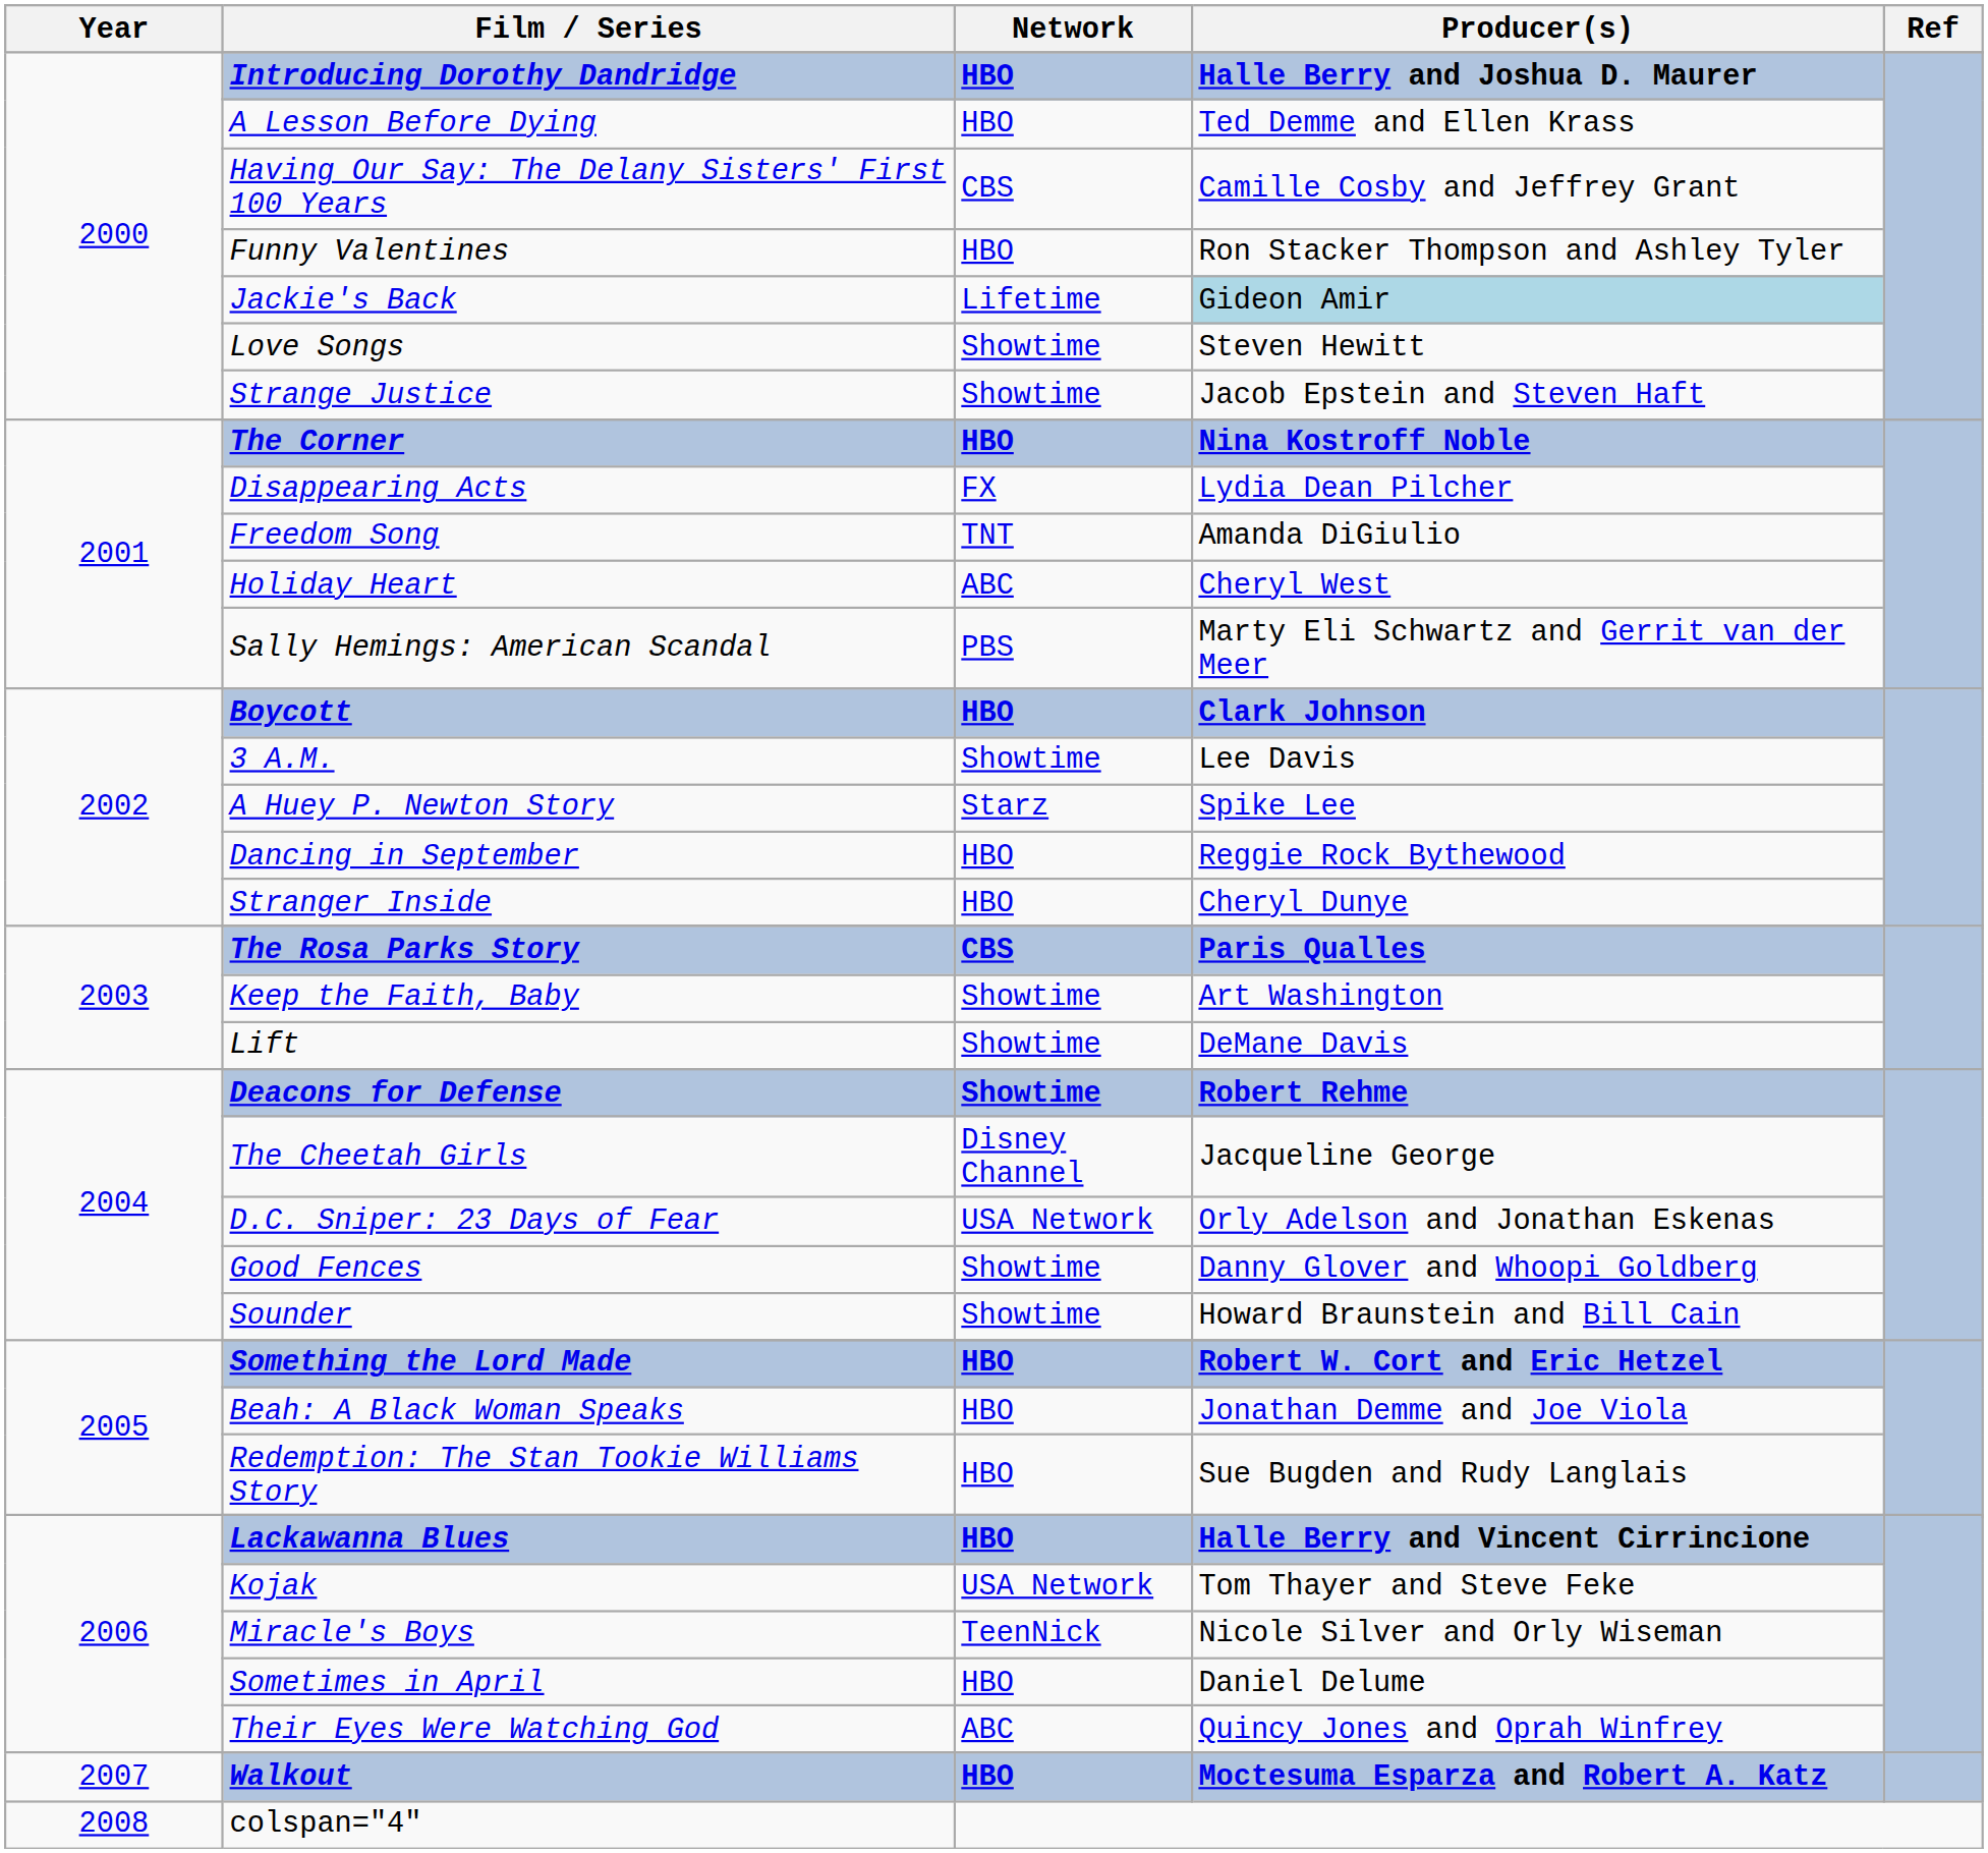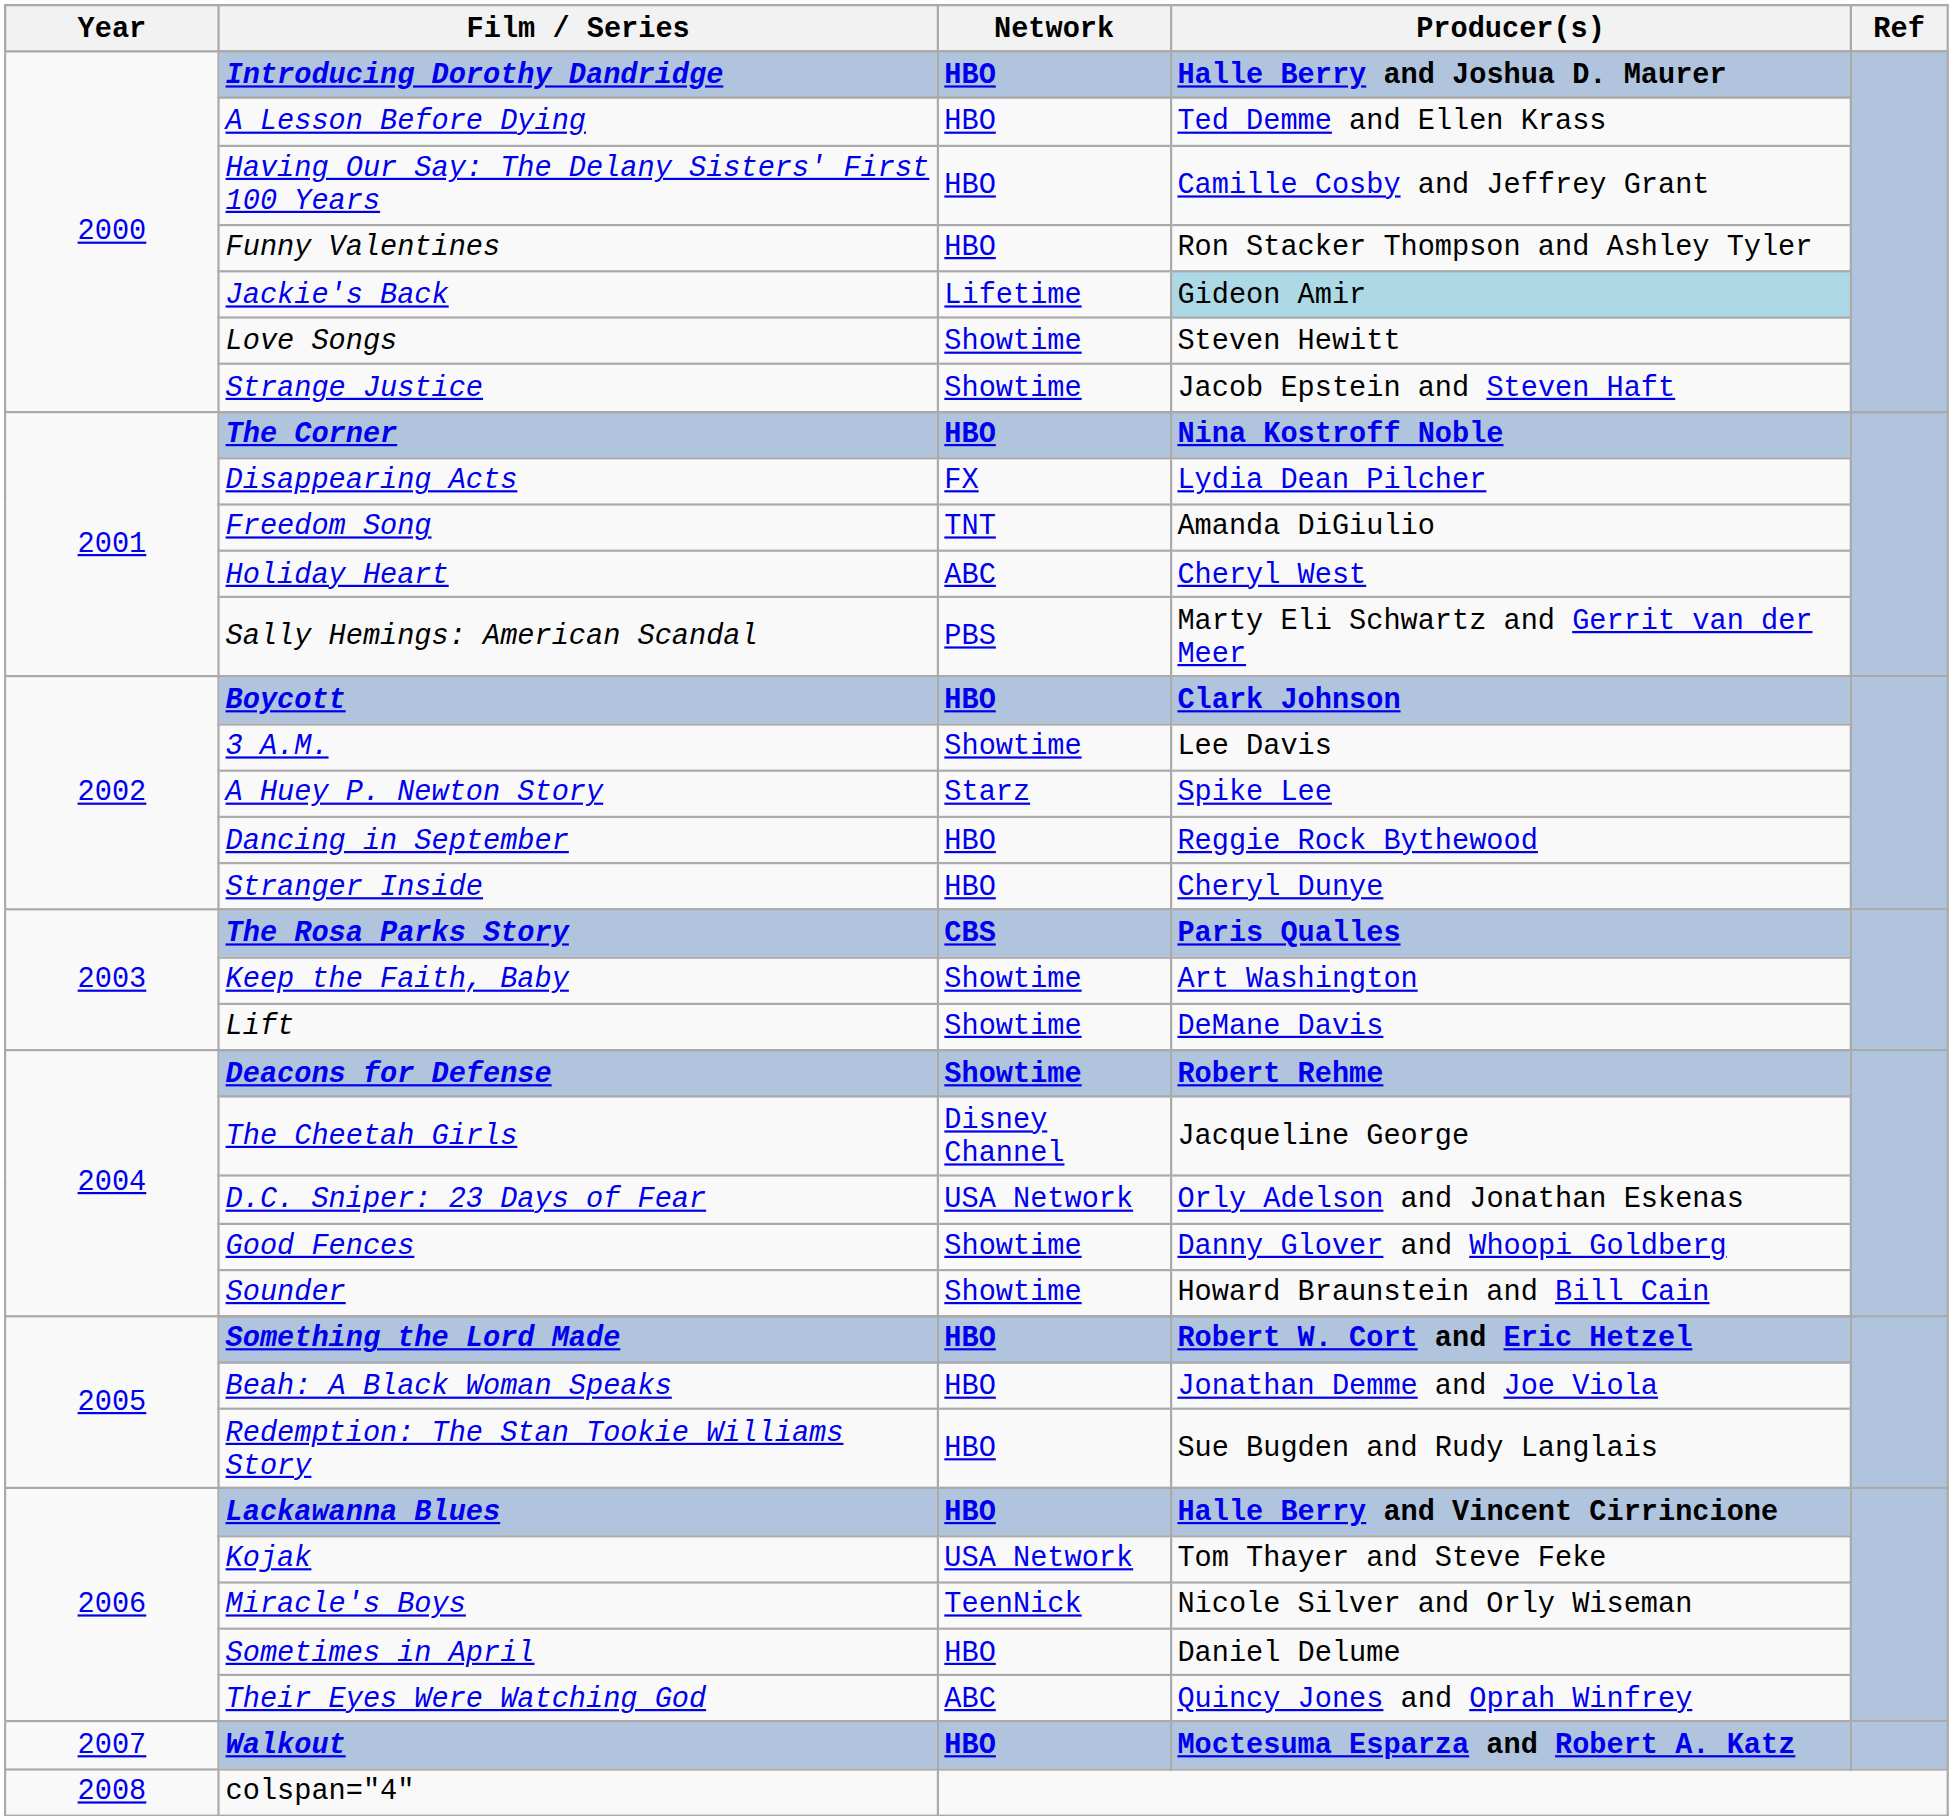 <table class="wikitable" style="width:100%;">
 <tr style="background:#bebebe;">
 <th style="width:11%;">Year</th>
 <th style="width:37%;">Film / Series</th>
 <th style="width:12%;">Network</th>
 <th style="width:35%;">Producer(s)</th>
 <th style="width:5%;">Ref</th>
 </tr>
 <tr>
 <td rowspan="8" align="center"><a href='#'>2000</a></td>
 </tr>
 <tr style="background:#B0C4DE">
 <td><strong><em><a href='#'>Introducing Dorothy Dandridge</a></em></strong></td>
 <td><strong><a href='#'>HBO</a></strong></td>
 <td><strong><a href='#'>Halle Berry</a> and Joshua D. Maurer</strong></td>
 <td rowspan="7" align="center"></td>
 </tr>
 <tr>
 <td><em><a href='#'>A Lesson Before Dying</a></em></td>
 <td><a href='#'>HBO</a></td>
 <td><a href='#'>Ted Demme</a> and Ellen Krass</td>
 </tr>
 <tr>
 <td><em><a href='#'>Having Our Say: The Delany Sisters' First 100 Years</a></em></td>
-<td><a href='#'>CBS</a></td>
+<td><a href='#'>HBO</a></td>
 <td><a href='#'>Camille Cosby</a> and Jeffrey Grant</td>
 </tr>
 <tr>
 <td><em>Funny Valentines</em></td>
 <td><a href='#'>HBO</a></td>
 <td>Ron Stacker Thompson and Ashley Tyler</td>
 </tr>
 <tr>
 <td><em><a href='#'>Jackie's Back</a></em></td>
 <td><a href='#'>Lifetime</a></td>
 <td style="background: lightblue;">Gideon Amir</td>
 </tr>
 <tr>
 <td><em>Love Songs</em></td>
 <td><a href='#'>Showtime</a></td>
 <td>Steven Hewitt</td>
 </tr>
 <tr>
 <td><em><a href='#'>Strange Justice</a></em></td>
 <td><a href='#'>Showtime</a></td>
 <td>Jacob Epstein and <a href='#'>Steven Haft</a></td>
 </tr>
 <tr>
 <td rowspan="6" align="center"><a href='#'>2001</a></td>
 </tr>
 <tr style="background:#B0C4DE">
 <td><strong><em><a href='#'>The Corner</a></em></strong></td>
 <td><strong><a href='#'>HBO</a></strong></td>
 <td><strong><a href='#'>Nina Kostroff Noble</a></strong></td>
 <td rowspan="6" align="center"></td>
 </tr>
 <tr>
 <td><em><a href='#'>Disappearing Acts</a></em></td>
 <td><a href='#'>FX</a></td>
 <td><a href='#'>Lydia Dean Pilcher</a></td>
 </tr>
 <tr>
 <td><em><a href='#'>Freedom Song</a></em></td>
 <td><a href='#'>TNT</a></td>
 <td>Amanda DiGiulio</td>
 </tr>
 <tr>
 <td><em><a href='#'>Holiday Heart</a></em></td>
 <td><a href='#'>ABC</a></td>
 <td><a href='#'>Cheryl West</a></td>
 </tr>
 <tr>
 <td><em>Sally Hemings: American Scandal</em></td>
 <td><a href='#'>PBS</a></td>
 <td>Marty Eli Schwartz and <a href='#'>Gerrit van der Meer</a></td>
 </tr>
 <tr>
 <td rowspan="6" align="center"><a href='#'>2002</a></td>
 </tr>
 <tr style="background:#B0C4DE">
 <td><strong><em><a href='#'>Boycott</a></em></strong></td>
 <td><strong><a href='#'>HBO</a></strong></td>
 <td><strong><a href='#'>Clark Johnson</a></strong></td>
 <td rowspan="6" align="center"></td>
 </tr>
 <tr>
 <td><em><a href='#'>3 A.M.</a></em></td>
 <td><a href='#'>Showtime</a></td>
 <td>Lee Davis</td>
 </tr>
 <tr>
 <td><em><a href='#'>A Huey P. Newton Story</a></em></td>
 <td><a href='#'>Starz</a></td>
 <td><a href='#'>Spike Lee</a></td>
 </tr>
 <tr>
 <td><em><a href='#'>Dancing in September</a></em></td>
 <td><a href='#'>HBO</a></td>
 <td><a href='#'>Reggie Rock Bythewood</a></td>
 </tr>
 <tr>
 <td><em><a href='#'>Stranger Inside</a></em></td>
 <td><a href='#'>HBO</a></td>
 <td><a href='#'>Cheryl Dunye</a></td>
 </tr>
 <tr>
 <td rowspan="4" align="center"><a href='#'>2003</a></td>
 </tr>
 <tr style="background:#B0C4DE">
 <td><strong><em><a href='#'>The Rosa Parks Story</a></em></strong></td>
 <td><strong><a href='#'>CBS</a></strong></td>
 <td><strong><a href='#'>Paris Qualles</a></strong></td>
 <td rowspan="4" align="center"></td>
 </tr>
 <tr>
 <td><em><a href='#'>Keep the Faith, Baby</a></em></td>
 <td><a href='#'>Showtime</a></td>
 <td><a href='#'>Art Washington</a></td>
 </tr>
 <tr>
 <td><em>Lift</em></td>
 <td><a href='#'>Showtime</a></td>
 <td><a href='#'>DeMane Davis</a></td>
 </tr>
 <tr>
 <td rowspan="6" align="center"><a href='#'>2004</a></td>
 </tr>
 <tr style="background:#B0C4DE">
 <td><strong><em><a href='#'>Deacons for Defense</a></em></strong></td>
 <td><strong><a href='#'>Showtime</a></strong></td>
 <td><strong><a href='#'>Robert Rehme</a></strong></td>
 <td rowspan="6" align="center"></td>
 </tr>
 <tr>
 <td><em><a href='#'>The Cheetah Girls</a></em></td>
 <td><a href='#'>Disney Channel</a></td>
 <td>Jacqueline George</td>
 </tr>
 <tr>
 <td><em><a href='#'>D.C. Sniper: 23 Days of Fear</a></em></td>
 <td><a href='#'>USA Network</a></td>
 <td><a href='#'>Orly Adelson</a> and Jonathan Eskenas</td>
 </tr>
 <tr>
 <td><em><a href='#'>Good Fences</a></em></td>
 <td><a href='#'>Showtime</a></td>
 <td><a href='#'>Danny Glover</a> and <a href='#'>Whoopi Goldberg</a></td>
 </tr>
 <tr>
 <td><em><a href='#'>Sounder</a></em></td>
 <td><a href='#'>Showtime</a></td>
 <td>Howard Braunstein and <a href='#'>Bill Cain</a></td>
 </tr>
 <tr>
 <td rowspan="4" align="center"><a href='#'>2005</a></td>
 </tr>
 <tr style="background:#B0C4DE">
 <td><strong><em><a href='#'>Something the Lord Made</a></em></strong></td>
 <td><strong><a href='#'>HBO</a></strong></td>
 <td><strong><a href='#'>Robert W. Cort</a> and <a href='#'>Eric Hetzel</a></strong></td>
 <td rowspan="4" align="center"></td>
 </tr>
 <tr>
 <td><em><a href='#'>Beah: A Black Woman Speaks</a></em></td>
 <td><a href='#'>HBO</a></td>
 <td><a href='#'>Jonathan Demme</a> and <a href='#'>Joe Viola</a></td>
 </tr>
 <tr>
 <td><em><a href='#'>Redemption: The Stan Tookie Williams Story</a></em></td>
 <td><a href='#'>HBO</a></td>
 <td>Sue Bugden and Rudy Langlais</td>
 </tr>
 <tr>
 <td rowspan="6" align="center"><a href='#'>2006</a></td>
 </tr>
 <tr style="background:#B0C4DE">
 <td><strong><em><a href='#'>Lackawanna Blues</a></em></strong></td>
 <td><strong><a href='#'>HBO</a></strong></td>
 <td><strong><a href='#'>Halle Berry</a> and Vincent Cirrincione</strong></td>
 <td rowspan="6" align="center"></td>
 </tr>
 <tr>
 <td><em><a href='#'>Kojak</a></em></td>
 <td><a href='#'>USA Network</a></td>
 <td>Tom Thayer and Steve Feke</td>
 </tr>
 <tr>
 <td><em><a href='#'>Miracle's Boys</a></em></td>
 <td><a href='#'>TeenNick</a></td>
 <td>Nicole Silver and Orly Wiseman</td>
 </tr>
 <tr>
 <td><em><a href='#'>Sometimes in April</a></em></td>
 <td><a href='#'>HBO</a></td>
 <td>Daniel Delume</td>
 </tr>
 <tr>
 <td><em><a href='#'>Their Eyes Were Watching God</a></em></td>
 <td><a href='#'>ABC</a></td>
 <td><a href='#'>Quincy Jones</a> and <a href='#'>Oprah Winfrey</a></td>
 </tr>
 <tr>
 <td rowspan="2" align="center"><a href='#'>2007</a></td>
 </tr>
 <tr style="background:#B0C4DE">
 <td><strong><em><a href='#'>Walkout</a></em></strong></td>
 <td><strong><a href='#'>HBO</a></strong></td>
 <td><strong><a href='#'>Moctesuma Esparza</a> and <a href='#'>Robert A. Katz</a></strong></td>
 <td align="center"></td>
 </tr>
 <tr>
 <td align="center"><a href='#'>2008</a></td>
 <td>colspan="4" </td>
 </tr>
 </table>
